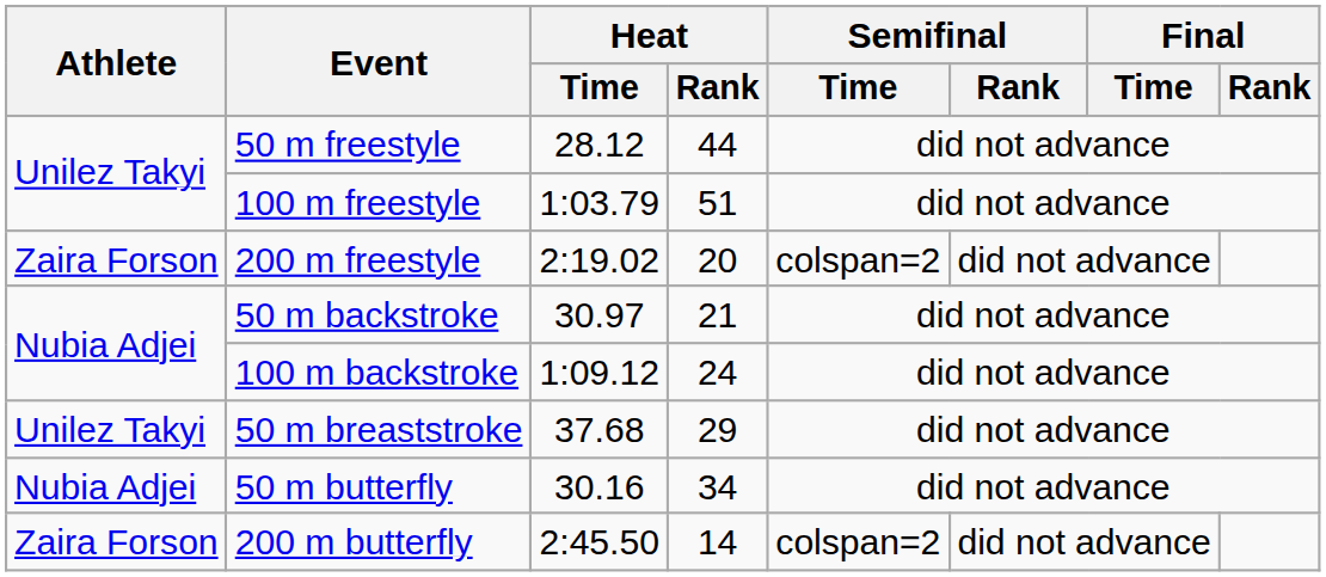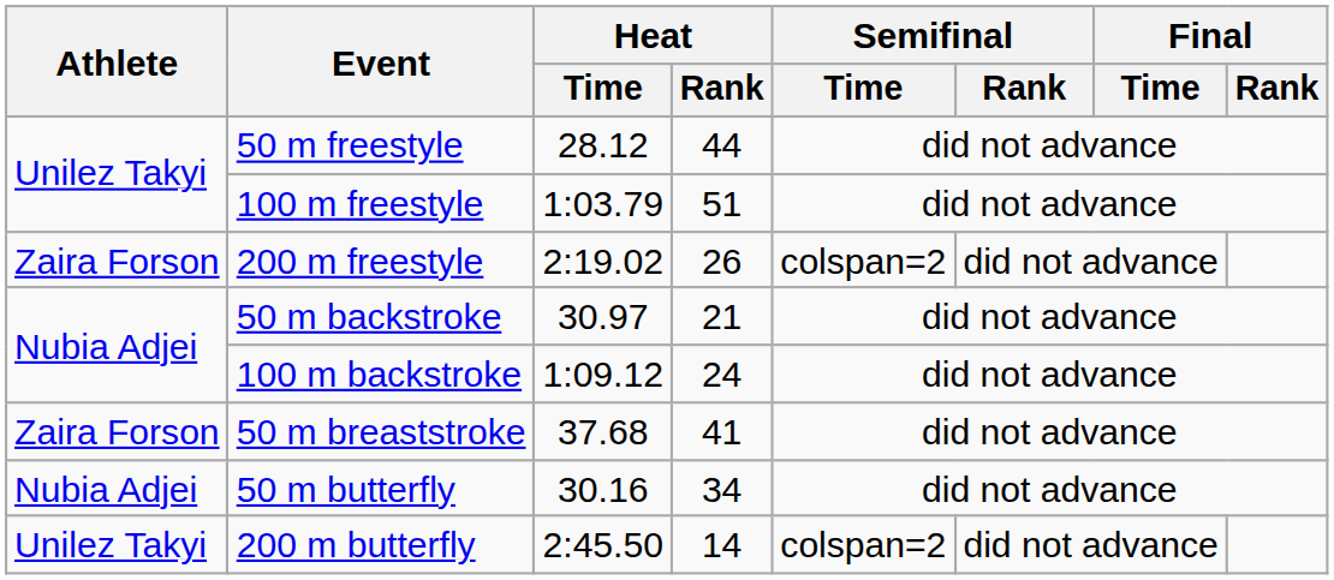 <table class=wikitable style=font-size:90%>
 <tr>
 <th rowspan=2>Athlete</th>
 <th rowspan=2>Event</th>
 <th colspan=2>Heat</th>
 <th colspan=2>Semifinal</th>
 <th colspan=2>Final</th>
 </tr>
 <tr style=font-size:95%>
 <th>Time</th>
 <th>Rank</th>
 <th>Time</th>
 <th>Rank</th>
 <th>Time</th>
 <th>Rank</th>
 </tr>
 <tr align=center>
 <td align=left rowspan=2><a href='#'>Unilez Takyi</a></td>
 <td align=left rowspan="1"><a href='#'>50 m freestyle</a></td>
 <td>28.12</td>
 <td>44</td>
 <td colspan=4>did not advance</td>
 </tr>
 <tr align=center>
 <td align=left rowspan="1"><a href='#'>100 m freestyle</a></td>
 <td>1:03.79</td>
 <td>51</td>
 <td colspan=4>did not advance</td>
 </tr>
 <tr align=center>
 <td align=left><a href='#'>Zaira Forson</a></td>
 <td align=left rowspan="1"><a href='#'>200 m freestyle</a></td>
 <td>2:19.02</td>
-<td>20</td>
+<td>26</td>
 <td>colspan=2 </td>
 <td colspan=2>did not advance</td>
 </tr>
 <tr align=center>
 <td align=left rowspan=2><a href='#'>Nubia Adjei</a></td>
 <td align=left rowspan="1"><a href='#'>50 m backstroke</a></td>
 <td>30.97</td>
 <td>21</td>
 <td colspan=4>did not advance</td>
 </tr>
 <tr align=center>
 <td align=left rowspan="1"><a href='#'>100 m backstroke</a></td>
 <td>1:09.12</td>
 <td>24</td>
 <td colspan=4>did not advance</td>
 </tr>
 <tr align=center>
-<td align=left><a href='#'>Unilez Takyi</a></td>
+<td align=left><a href='#'>Zaira Forson</a></td>
 <td align=left rowspan="1"><a href='#'>50 m breaststroke</a></td>
 <td>37.68</td>
-<td>29</td>
+<td>41</td>
 <td colspan=4>did not advance</td>
 </tr>
 <tr align=center>
 <td align=left><a href='#'>Nubia Adjei</a></td>
 <td align=left rowspan="1"><a href='#'>50 m butterfly</a></td>
 <td>30.16</td>
 <td>34</td>
 <td colspan=4>did not advance</td>
 </tr>
 <tr align=center>
-<td align=left><a href='#'>Zaira Forson</a></td>
+<td align=left><a href='#'>Unilez Takyi</a></td>
 <td align=left rowspan="1"><a href='#'>200 m butterfly</a></td>
 <td>2:45.50</td>
 <td>14</td>
 <td>colspan=2 </td>
 <td colspan=2>did not advance</td>
 </tr>
 </table>
